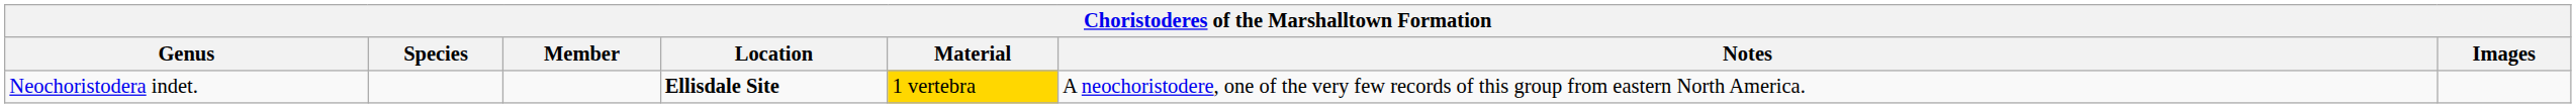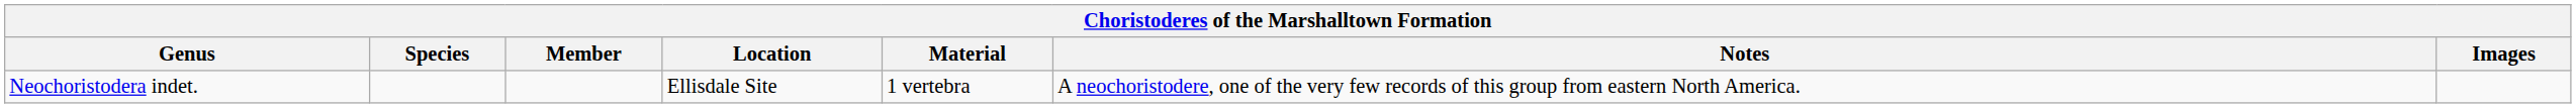 <table class="wikitable" align="center" width="100%">
 <tr>
 <th colspan="8" align="center"><strong><a href='#'>Choristoderes</a> of the Marshalltown Formation</strong></th>
 </tr>
 <tr>
 <th>Genus</th>
 <th>Species</th>
 <th>Member</th>
 <th>Location</th>
 <th>Material</th>
 <th>Notes</th>
 <th>Images</th>
 </tr>
 <tr>
 <td><a href='#'>Neochoristodera</a> indet.</td>
 <td></td>
 <td></td>
-<td><strong>Ellisdale Site</strong></td>
-<td style="background: gold;">1 vertebra</td>
+<td>Ellisdale Site</td>
+<td>1 vertebra</td>
 <td>A <a href='#'>neochoristodere</a>, one of the very few records of this group from eastern North America.</td>
 <td></td>
 </tr>
 </table>
